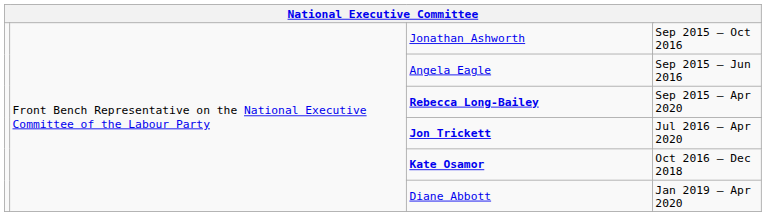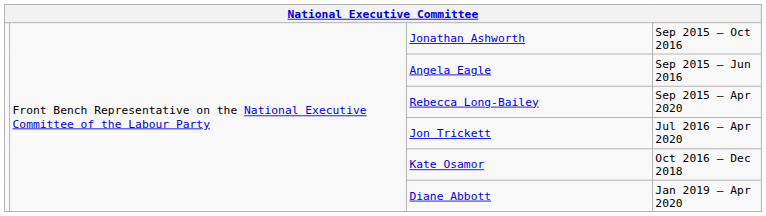 <table class="wikitable">
 <tr>
 <th colspan="5"><a href='#'>National Executive Committee</a></th>
 </tr>
 <tr>
 <td rowspan="6" style="background: "></td>
 <td rowspan="6" style="width: 450px;">Front Bench Representative on the <a href='#'>National Executive Committee of the Labour Party</a></td>
 <td colspan="2" style="width: 350px;"><a href='#'>Jonathan Ashworth</a></td>
 <td>Sep 2015 – Oct 2016</td>
 </tr>
 <tr>
 <td><a href='#'>Angela Eagle</a></td>
 <td colspan="2">Sep 2015 – Jun 2016</td>
 </tr>
 <tr>
-<td><strong><a href='#'>Rebecca Long-Bailey</a></strong></td>
+<td><a href='#'>Rebecca Long-Bailey</a></td>
 <td colspan="2">Sep 2015 – Apr 2020</td>
 </tr>
 <tr>
-<td><strong><a href='#'>Jon Trickett</a></strong></td>
+<td><a href='#'>Jon Trickett</a></td>
 <td colspan="2">Jul 2016 – Apr 2020</td>
 </tr>
 <tr>
-<td><strong><a href='#'>Kate Osamor</a></strong></td>
+<td><a href='#'>Kate Osamor</a></td>
 <td colspan="2">Oct 2016 – Dec 2018</td>
 </tr>
 <tr>
 <td><a href='#'>Diane Abbott</a></td>
 <td colspan="2">Jan 2019 – Apr 2020</td>
 </tr>
 </table>
